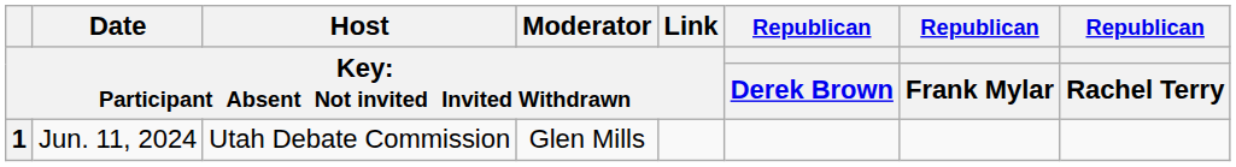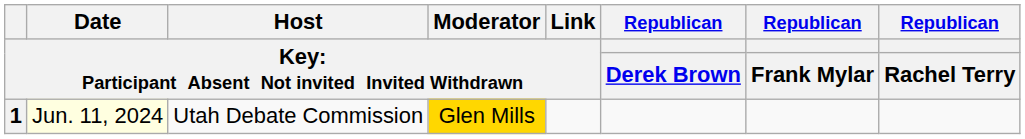 <table class="wikitable" style="text-align:center;">
 <tr>
 <th scope="col"></th>
 <th scope="col">Date</th>
 <th scope="col">Host</th>
 <th scope="col">Moderator</th>
 <th scope="col">Link</th>
 <th scope="col"><small><a href='#'>Republican</a></small></th>
 <th scope="col"><small><a href='#'>Republican</a></small></th>
 <th scope="col"><small><a href='#'>Republican</a></small></th>
 </tr>
 <tr>
 <th colspan="5" rowspan="2">Key:<br> <small>Participant </small>  <small>Absent </small>  <small>Not invited </small>  <small>Invited  Withdrawn</small></th>
 <th scope="col" style="background:"></th>
 <th scope="col" style="background:"></th>
 <th scope="col" style="background:"></th>
 </tr>
 <tr>
 <th scope="col"><a href='#'>Derek Brown</a></th>
 <th scope="col">Frank Mylar</th>
 <th scope="col">Rachel Terry</th>
 </tr>
 <tr>
 <th>1</th>
-<td style="white-space:nowrap;">Jun. 11, 2024</td>
+<td style="background: lightyellow; white-space:nowrap;">Jun. 11, 2024</td>
 <td style="white-space:nowrap;">Utah Debate Commission</td>
-<td style="white-space:nowrap;">Glen Mills</td>
+<td style="background: gold; white-space:nowrap;">Glen Mills</td>
 <td style="white-space:nowrap;"></td>
 <td></td>
 <td></td>
 <td></td>
 </tr>
 </table>
